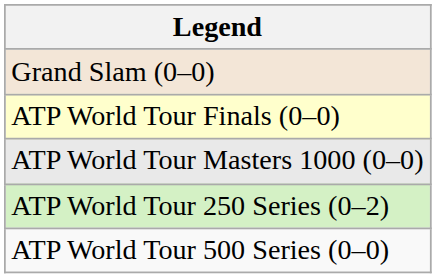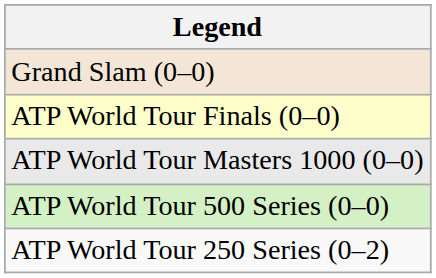 <table class="wikitable sortable mw-collapsible mw-collapsed">
 <tr>
 <th>Legend</th>
 </tr>
 <tr style="background:#f3e6d7;">
 <td>Grand Slam (0–0)</td>
 </tr>
 <tr style="background:#ffffcc;">
 <td>ATP World Tour Finals (0–0)</td>
 </tr>
 <tr style="background:#e9e9e9;">
 <td>ATP World Tour Masters 1000 (0–0)</td>
 </tr>
 <tr style="background:#d4f1c5;">
+<td>ATP World Tour 500 Series (0–0)</td>
+</tr>
+<tr>
 <td>ATP World Tour 250 Series (0–2)</td>
 </tr>
-<tr>
-<td>ATP World Tour 500 Series (0–0)</td>
-</tr>
 </table>
